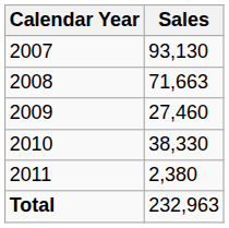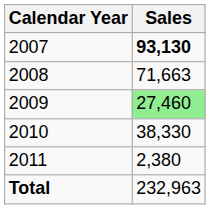 <table class="wikitable">
 <tr>
 <th>Calendar Year</th>
 <th>Sales</th>
 </tr>
 <tr>
 <td>2007</td>
-<td>93,130</td>
+<td><strong>93,130</strong></td>
 </tr>
 <tr>
 <td>2008</td>
 <td>71,663</td>
 </tr>
 <tr>
 <td>2009</td>
-<td>27,460</td>
+<td style="background: lightgreen;">27,460</td>
 </tr>
 <tr>
 <td>2010</td>
 <td>38,330</td>
 </tr>
 <tr>
 <td>2011</td>
 <td>2,380</td>
 </tr>
 <tr>
 <td><strong>Total</strong></td>
 <td>232,963</td>
 </tr>
 </table>
